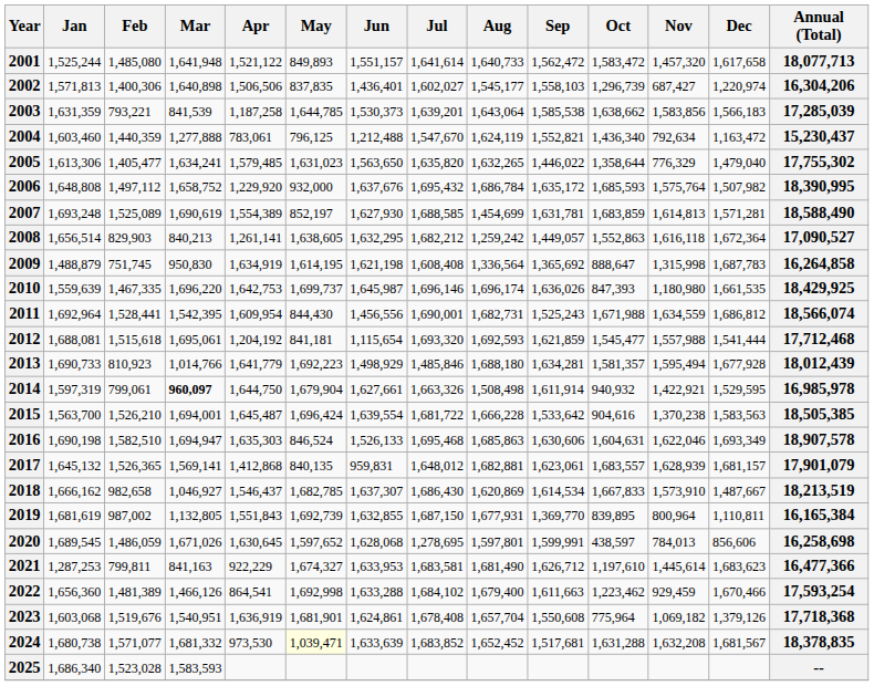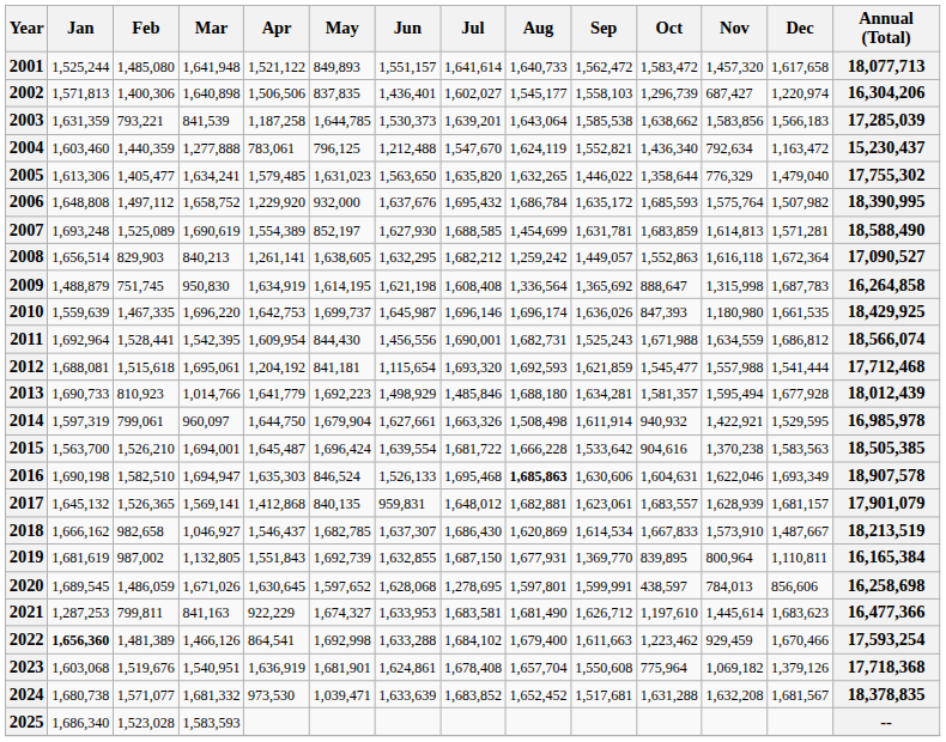 <table class="wikitable">
 <tr>
 <th>Year</th>
 <th>Jan</th>
 <th>Feb</th>
 <th>Mar</th>
 <th>Apr</th>
 <th>May</th>
 <th>Jun</th>
 <th>Jul</th>
 <th>Aug</th>
 <th>Sep</th>
 <th>Oct</th>
 <th>Nov</th>
 <th>Dec</th>
 <th>Annual (Total)</th>
 </tr>
 <tr>
 <th>2001</th>
 <td><small>1,525,244</small></td>
 <td><small>1,485,080</small></td>
 <td><small>1,641,948</small></td>
 <td><small>1,521,122</small></td>
 <td><small>849,893</small></td>
 <td><small>1,551,157</small></td>
 <td><small>1,641,614</small></td>
 <td><small>1,640,733</small></td>
 <td><small>1,562,472</small></td>
 <td><small>1,583,472</small></td>
 <td><small>1,457,320</small></td>
 <td><small>1,617,658</small></td>
 <th>18,077,713</th>
 </tr>
 <tr>
 <th>2002</th>
 <td><small>1,571,813</small></td>
 <td><small>1,400,306</small></td>
 <td><small>1,640,898</small></td>
 <td><small>1,506,506</small></td>
 <td><small>837,835</small></td>
 <td><small>1,436,401</small></td>
 <td><small>1,602,027</small></td>
 <td><small>1,545,177</small></td>
 <td><small>1,558,103</small></td>
 <td><small>1,296,739</small></td>
 <td><small>687,427</small></td>
 <td><small>1,220,974</small></td>
 <th>16,304,206</th>
 </tr>
 <tr>
 <th>2003</th>
 <td><small>1,631,359</small></td>
 <td><small>793,221</small></td>
 <td><small>841,539</small></td>
 <td><small>1,187,258</small></td>
 <td><small>1,644,785</small></td>
 <td><small>1,530,373</small></td>
 <td><small>1,639,201</small></td>
 <td><small>1,643,064</small></td>
 <td><small>1,585,538</small></td>
 <td><small>1,638,662</small></td>
 <td><small>1,583,856</small></td>
 <td><small>1,566,183</small></td>
 <th>17,285,039</th>
 </tr>
 <tr>
 <th>2004</th>
 <td><small>1,603,460</small></td>
 <td><small>1,440,359</small></td>
 <td><small>1,277,888</small></td>
 <td><small>783,061</small></td>
 <td><small>796,125</small></td>
 <td><small>1,212,488</small></td>
 <td><small>1,547,670</small></td>
 <td><small>1,624,119</small></td>
 <td><small>1,552,821</small></td>
 <td><small>1,436,340</small></td>
 <td><small>792,634</small></td>
 <td><small>1,163,472</small></td>
 <th>15,230,437</th>
 </tr>
 <tr>
 <th>2005</th>
 <td><small>1,613,306</small></td>
 <td><small>1,405,477</small></td>
 <td><small>1,634,241</small></td>
 <td><small>1,579,485</small></td>
 <td><small>1,631,023</small></td>
 <td><small>1,563,650</small></td>
 <td><small>1,635,820</small></td>
 <td><small>1,632,265</small></td>
 <td><small>1,446,022</small></td>
 <td><small>1,358,644</small></td>
 <td><small>776,329</small></td>
 <td><small>1,479,040</small></td>
 <th>17,755,302</th>
 </tr>
 <tr>
 <th>2006</th>
 <td><small>1,648,808</small></td>
 <td><small>1,497,112</small></td>
 <td><small>1,658,752</small></td>
 <td><small>1,229,920</small></td>
 <td><small>932,000</small></td>
 <td><small>1,637,676</small></td>
 <td><small>1,695,432</small></td>
 <td><small>1,686,784</small></td>
 <td><small>1,635,172</small></td>
 <td><small>1,685,593</small></td>
 <td><small>1,575,764</small></td>
 <td><small>1,507,982</small></td>
 <th>18,390,995</th>
 </tr>
 <tr>
 <th>2007</th>
 <td><small>1,693,248</small></td>
 <td><small>1,525,089</small></td>
 <td><small>1,690,619</small></td>
 <td><small>1,554,389</small></td>
 <td><small>852,197</small></td>
 <td><small>1,627,930</small></td>
 <td><small>1,688,585</small></td>
 <td><small>1,454,699</small></td>
 <td><small>1,631,781</small></td>
 <td><small>1,683,859</small></td>
 <td><small>1,614,813</small></td>
 <td><small>1,571,281</small></td>
 <th>18,588,490</th>
 </tr>
 <tr>
 <th>2008</th>
 <td><small>1,656,514</small></td>
 <td><small>829,903</small></td>
 <td><small>840,213</small></td>
 <td><small>1,261,141</small></td>
 <td><small>1,638,605</small></td>
 <td><small>1,632,295</small></td>
 <td><small>1,682,212</small></td>
 <td><small>1,259,242</small></td>
 <td><small>1,449,057</small></td>
 <td><small>1,552,863</small></td>
 <td><small>1,616,118</small></td>
 <td><small>1,672,364</small></td>
 <th>17,090,527</th>
 </tr>
 <tr>
 <th>2009</th>
 <td><small>1,488,879</small></td>
 <td><small>751,745</small></td>
 <td><small>950,830</small></td>
 <td><small>1,634,919</small></td>
 <td><small>1,614,195</small></td>
 <td><small>1,621,198</small></td>
 <td><small>1,608,408</small></td>
 <td><small>1,336,564</small></td>
 <td><small>1,365,692</small></td>
 <td><small>888,647</small></td>
 <td><small>1,315,998</small></td>
 <td><small>1,687,783</small></td>
 <th>16,264,858</th>
 </tr>
 <tr>
 <th>2010</th>
 <td><small>1,559,639</small></td>
 <td><small>1,467,335</small></td>
 <td><small>1,696,220</small></td>
 <td><small>1,642,753</small></td>
 <td><small>1,699,737</small></td>
 <td><small>1,645,987</small></td>
 <td><small>1,696,146</small></td>
 <td><small>1,696,174</small></td>
 <td><small>1,636,026</small></td>
 <td><small>847,393</small></td>
 <td><small>1,180,980</small></td>
 <td><small>1,661,535</small></td>
 <th>18,429,925</th>
 </tr>
 <tr>
 <th>2011</th>
 <td><small>1,692,964</small></td>
 <td><small>1,528,441</small></td>
 <td><small>1,542,395</small></td>
 <td><small>1,609,954</small></td>
 <td><small>844,430</small></td>
 <td><small>1,456,556</small></td>
 <td><small>1,690,001</small></td>
 <td><small>1,682,731</small></td>
 <td><small>1,525,243</small></td>
 <td><small>1,671,988</small></td>
 <td><small>1,634,559</small></td>
 <td><small>1,686,812</small></td>
 <th>18,566,074</th>
 </tr>
 <tr>
 <th>2012</th>
 <td><small>1,688,081</small></td>
 <td><small>1,515,618</small></td>
 <td><small>1,695,061</small></td>
 <td><small>1,204,192</small></td>
 <td><small>841,181</small></td>
 <td><small>1,115,654</small></td>
 <td><small>1,693,320</small></td>
 <td><small>1,692,593</small></td>
 <td><small>1,621,859</small></td>
 <td><small>1,545,477</small></td>
 <td><small>1,557,988</small></td>
 <td><small>1,541,444</small></td>
 <th>17,712,468</th>
 </tr>
 <tr>
 <th>2013</th>
 <td><small>1,690,733</small></td>
 <td><small>810,923</small></td>
 <td><small>1,014,766</small></td>
 <td><small>1,641,779</small></td>
 <td><small>1,692,223</small></td>
 <td><small>1,498,929</small></td>
 <td><small>1,485,846</small></td>
 <td><small>1,688,180</small></td>
 <td><small>1,634,281</small></td>
 <td><small>1,581,357</small></td>
 <td><small>1,595,494</small></td>
 <td><small>1,677,928</small></td>
 <th>18,012,439</th>
 </tr>
 <tr>
 <th>2014</th>
 <td><small>1,597,319</small></td>
 <td><small>799,061</small></td>
-<td><strong><small>960,097</small></strong></td>
+<td><small>960,097</small></td>
 <td><small>1,644,750</small></td>
 <td><small>1,679,904</small></td>
 <td><small>1,627,661</small></td>
 <td><small>1,663,326</small></td>
 <td><small>1,508,498</small></td>
 <td><small>1,611,914</small></td>
 <td><small>940,932</small></td>
 <td><small>1,422,921</small></td>
 <td><small>1,529,595</small></td>
 <th>16,985,978</th>
 </tr>
 <tr>
 <th>2015</th>
 <td><small>1,563,700</small></td>
 <td><small>1,526,210</small></td>
 <td><small>1,694,001</small></td>
 <td><small>1,645,487</small></td>
 <td><small>1,696,424</small></td>
 <td><small>1,639,554</small></td>
 <td><small>1,681,722</small></td>
 <td><small>1,666,228</small></td>
 <td><small>1,533,642</small></td>
 <td><small>904,616</small></td>
 <td><small>1,370,238</small></td>
 <td><small>1,583,563</small></td>
 <th>18,505,385</th>
 </tr>
 <tr>
 <th>2016</th>
 <td><small>1,690,198</small></td>
 <td><small>1,582,510</small></td>
 <td><small>1,694,947</small></td>
 <td><small>1,635,303</small></td>
 <td><small>846,524</small></td>
 <td><small>1,526,133</small></td>
 <td><small>1,695,468</small></td>
-<td><small>1,685,863</small></td>
+<td><strong><small>1,685,863</small></strong></td>
 <td><small>1,630,606</small></td>
 <td><small>1,604,631</small></td>
 <td><small>1,622,046</small></td>
 <td><small>1,693,349</small></td>
 <th>18,907,578</th>
 </tr>
 <tr>
 <th>2017</th>
 <td><small>1,645,132</small></td>
 <td><small>1,526,365</small></td>
 <td><small>1,569,141</small></td>
 <td><small>1,412,868</small></td>
 <td><small>840,135</small></td>
 <td><small>959,831</small></td>
 <td><small>1,648,012</small></td>
 <td><small>1,682,881</small></td>
 <td><small>1,623,061</small></td>
 <td><small>1,683,557</small></td>
 <td><small>1,628,939</small></td>
 <td><small>1,681,157</small></td>
 <th>17,901,079</th>
 </tr>
 <tr>
 <th>2018</th>
 <td><small>1,666,162</small></td>
 <td><small>982,658</small></td>
 <td><small>1,046,927</small></td>
 <td><small>1,546,437</small></td>
 <td><small>1,682,785</small></td>
 <td><small>1,637,307</small></td>
 <td><small>1,686,430</small></td>
 <td><small>1,620,869</small></td>
 <td><small>1,614,534</small></td>
 <td><small>1,667,833</small></td>
 <td><small>1,573,910</small></td>
 <td><small>1,487,667</small></td>
 <th>18,213,519</th>
 </tr>
 <tr>
 <th>2019</th>
 <td><small>1,681,619</small></td>
 <td><small>987,002</small></td>
 <td><small>1,132,805</small></td>
 <td><small>1,551,843</small></td>
 <td><small>1,692,739</small></td>
 <td><small>1,632,855</small></td>
 <td><small>1,687,150</small></td>
 <td><small>1,677,931</small></td>
 <td><small>1,369,770</small></td>
 <td><small>839,895</small></td>
 <td><small>800,964</small></td>
 <td><small>1,110,811</small></td>
 <th>16,165,384</th>
 </tr>
 <tr>
 <th>2020</th>
 <td><small>1,689,545</small></td>
 <td><small>1,486,059</small></td>
 <td><small>1,671,026</small></td>
 <td><small>1,630,645</small></td>
 <td><small>1,597,652</small></td>
 <td><small>1,628,068</small></td>
 <td><small>1,278,695</small></td>
 <td><small>1,597,801</small></td>
 <td><small>1,599,991</small></td>
 <td><small>438,597</small></td>
 <td><small>784,013</small></td>
 <td><small>856,606</small></td>
 <th>16,258,698</th>
 </tr>
 <tr>
 <th>2021</th>
 <td><small>1,287,253</small></td>
 <td><small>799,811</small></td>
 <td><small>841,163</small></td>
 <td><small>922,229</small></td>
 <td><small>1,674,327</small></td>
 <td><small>1,633,953</small></td>
 <td><small>1,683,581</small></td>
 <td><small>1,681,490</small></td>
 <td><small>1,626,712</small></td>
 <td><small>1,197,610</small></td>
 <td><small>1,445,614</small></td>
 <td><small>1,683,623</small></td>
 <th>16,477,366</th>
 </tr>
 <tr>
 <th>2022</th>
-<td><small>1,656,360</small></td>
+<td><strong><small>1,656,360</small></strong></td>
 <td><small>1,481,389</small></td>
 <td><small>1,466,126</small></td>
 <td><small>864,541</small></td>
 <td><small>1,692,998</small></td>
 <td><small>1,633,288</small></td>
 <td><small>1,684,102</small></td>
 <td><small>1,679,400</small></td>
 <td><small>1,611,663</small></td>
 <td><small>1,223,462</small></td>
 <td><small>929,459</small></td>
 <td><small>1,670,466</small></td>
 <th>17,593,254</th>
 </tr>
 <tr>
 <th>2023</th>
 <td><small>1,603,068</small></td>
 <td><small>1,519,676</small></td>
 <td><small>1,540,951</small></td>
 <td><small>1,636,919</small></td>
 <td><small>1,681,901</small></td>
 <td><small>1,624,861</small></td>
 <td><small>1,678,408</small></td>
 <td><small>1,657,704</small></td>
 <td><small>1,550,608</small></td>
 <td><small>775,964</small></td>
 <td><small>1,069,182</small></td>
 <td><small>1,379,126</small></td>
 <th>17,718,368</th>
 </tr>
 <tr>
 <th>2024</th>
 <td><small>1,680,738</small></td>
 <td><small>1,571,077</small></td>
 <td><small>1,681,332</small></td>
 <td><small>973,530</small></td>
-<td style="background: lightyellow;"><small>1,039,471</small></td>
+<td><small>1,039,471</small></td>
 <td><small>1,633,639</small></td>
 <td><small>1,683,852</small></td>
 <td><small>1,652,452</small></td>
 <td><small>1,517,681</small></td>
 <td><small>1,631,288</small></td>
 <td><small>1,632,208</small></td>
 <td><small>1,681,567</small></td>
 <th>18,378,835</th>
 </tr>
 <tr>
 <th>2025</th>
 <td><small>1,686,340</small></td>
 <td><small>1,523,028</small></td>
 <td><small></small><small>1,583,593</small></td>
 <td><small></small></td>
 <td><small></small></td>
 <td><small></small></td>
 <td><small></small></td>
 <td><small></small></td>
 <td><small></small></td>
 <td><small></small></td>
 <td><small></small></td>
 <td><small></small></td>
 <th>--</th>
 </tr>
 <tr>
 </tr>
 </table>
